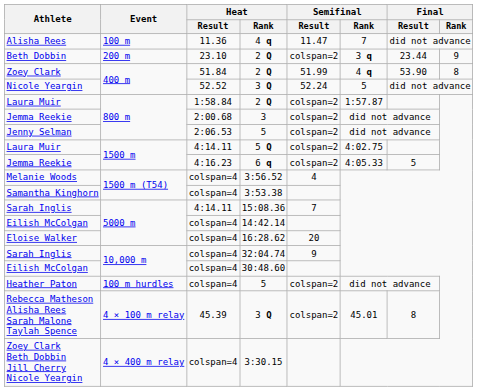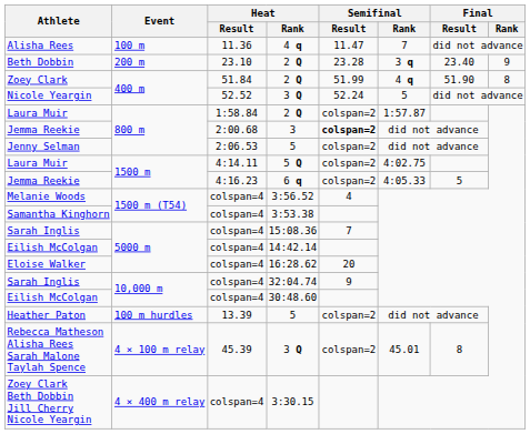 <table class="wikitable" style="font-size:90%; text-align:center">
 <tr>
 <th rowspan=2>Athlete</th>
 <th rowspan=2>Event</th>
 <th colspan=2>Heat</th>
 <th colspan=2>Semifinal</th>
 <th colspan=2>Final</th>
 </tr>
 <tr style="font-size:95%">
 <th>Result</th>
 <th>Rank</th>
 <th>Result</th>
 <th>Rank</th>
 <th>Result</th>
 <th>Rank</th>
 </tr>
 <tr>
 <td align=left><a href='#'>Alisha Rees</a></td>
 <td align=left><a href='#'>100 m</a></td>
 <td>11.36</td>
 <td>4 <strong>q</strong></td>
 <td>11.47</td>
 <td>7</td>
 <td colspan=2>did not advance</td>
 </tr>
 <tr>
 <td align=left><a href='#'>Beth Dobbin</a></td>
 <td align=left><a href='#'>200 m</a></td>
 <td>23.10</td>
 <td>2 <strong>Q</strong></td>
-<td>colspan=2 </td>
+<td>23.28</td>
 <td>3 <strong>q</strong></td>
-<td>23.44</td>
+<td>23.40</td>
 <td>9</td>
 </tr>
 <tr>
 <td align=left><a href='#'>Zoey Clark</a></td>
 <td align=left rowspan=2><a href='#'>400 m</a></td>
 <td>51.84</td>
 <td>2 <strong>Q</strong></td>
 <td>51.99</td>
 <td>4 <strong>q</strong></td>
-<td>53.90</td>
+<td>51.90</td>
 <td>8</td>
 </tr>
 <tr>
 <td align=left><a href='#'>Nicole Yeargin</a></td>
 <td>52.52</td>
 <td>3 <strong>Q</strong></td>
 <td>52.24</td>
 <td>5</td>
 <td colspan=2>did not advance</td>
 </tr>
 <tr>
 <td align=left><a href='#'>Laura Muir</a></td>
 <td align=left rowspan=3><a href='#'>800 m</a></td>
 <td>1:58.84</td>
 <td>2 <strong>Q</strong></td>
 <td>colspan=2 </td>
 <td>1:57.87</td>
 <td></td>
 </tr>
 <tr>
 <td align=left><a href='#'>Jemma Reekie</a></td>
 <td>2:00.68</td>
 <td>3</td>
-<td>colspan=2 </td>
+<td><strong>colspan=2 </strong></td>
 <td colspan=2>did not advance</td>
 </tr>
 <tr>
 <td align=left><a href='#'>Jenny Selman</a></td>
 <td>2:06.53</td>
 <td>5</td>
 <td>colspan=2 </td>
 <td colspan=2>did not advance</td>
 </tr>
 <tr>
 <td align=left><a href='#'>Laura Muir</a></td>
 <td align=left rowspan=2><a href='#'>1500 m</a></td>
 <td>4:14.11</td>
 <td>5 <strong>Q</strong></td>
 <td>colspan=2 </td>
 <td>4:02.75</td>
 <td></td>
 </tr>
 <tr>
 <td align=left><a href='#'>Jemma Reekie</a></td>
 <td>4:16.23</td>
 <td>6 <strong>q</strong></td>
 <td>colspan=2 </td>
 <td>4:05.33</td>
 <td>5</td>
 </tr>
 <tr>
 <td align=left><a href='#'>Melanie Woods</a></td>
 <td align=left rowspan=2><a href='#'>1500 m (T54)</a></td>
 <td>colspan=4 </td>
 <td>3:56.52</td>
 <td>4</td>
 </tr>
 <tr>
 <td align=left><a href='#'>Samantha Kinghorn</a></td>
 <td>colspan=4 </td>
 <td>3:53.38</td>
 <td></td>
 </tr>
 <tr>
 <td align=left><a href='#'>Sarah Inglis</a></td>
 <td align=left rowspan=3><a href='#'>5000 m</a></td>
-<td>4:14.11</td>
+<td>colspan=4 </td>
 <td>15:08.36</td>
 <td>7</td>
 </tr>
 <tr>
 <td align=left><a href='#'>Eilish McColgan</a></td>
 <td>colspan=4 </td>
 <td>14:42.14</td>
 <td></td>
 </tr>
 <tr>
 <td align=left><a href='#'>Eloise Walker</a></td>
 <td>colspan=4 </td>
 <td>16:28.62</td>
 <td>20</td>
 </tr>
 <tr>
 <td align=left><a href='#'>Sarah Inglis</a></td>
 <td align=left rowspan=2><a href='#'>10,000 m</a></td>
 <td>colspan=4 </td>
 <td>32:04.74</td>
 <td>9</td>
 </tr>
 <tr>
 <td align=left><a href='#'>Eilish McColgan</a></td>
 <td>colspan=4 </td>
 <td>30:48.60</td>
 <td></td>
 </tr>
 <tr>
 <td align=left><a href='#'>Heather Paton</a></td>
 <td align=left><a href='#'>100 m hurdles</a></td>
-<td>colspan=4 </td>
+<td>13.39</td>
 <td>5</td>
 <td>colspan=2 </td>
 <td colspan=2>did not advance</td>
 </tr>
 <tr>
 <td align=left><a href='#'>Rebecca Matheson</a><br><a href='#'>Alisha Rees</a><br><a href='#'>Sarah Malone</a><br><a href='#'>Taylah Spence</a></td>
 <td align=left><a href='#'>4 × 100 m relay</a></td>
 <td>45.39</td>
 <td>3 <strong>Q</strong></td>
 <td>colspan=2 </td>
 <td>45.01</td>
 <td>8</td>
 </tr>
 <tr>
 <td align=left><a href='#'>Zoey Clark</a><br><a href='#'>Beth Dobbin</a><br><a href='#'>Jill Cherry</a><br><a href='#'>Nicole Yeargin</a></td>
 <td align=left><a href='#'>4 × 400 m relay</a></td>
 <td>colspan=4 </td>
 <td>3:30.15</td>
 <td></td>
 </tr>
 </table>
